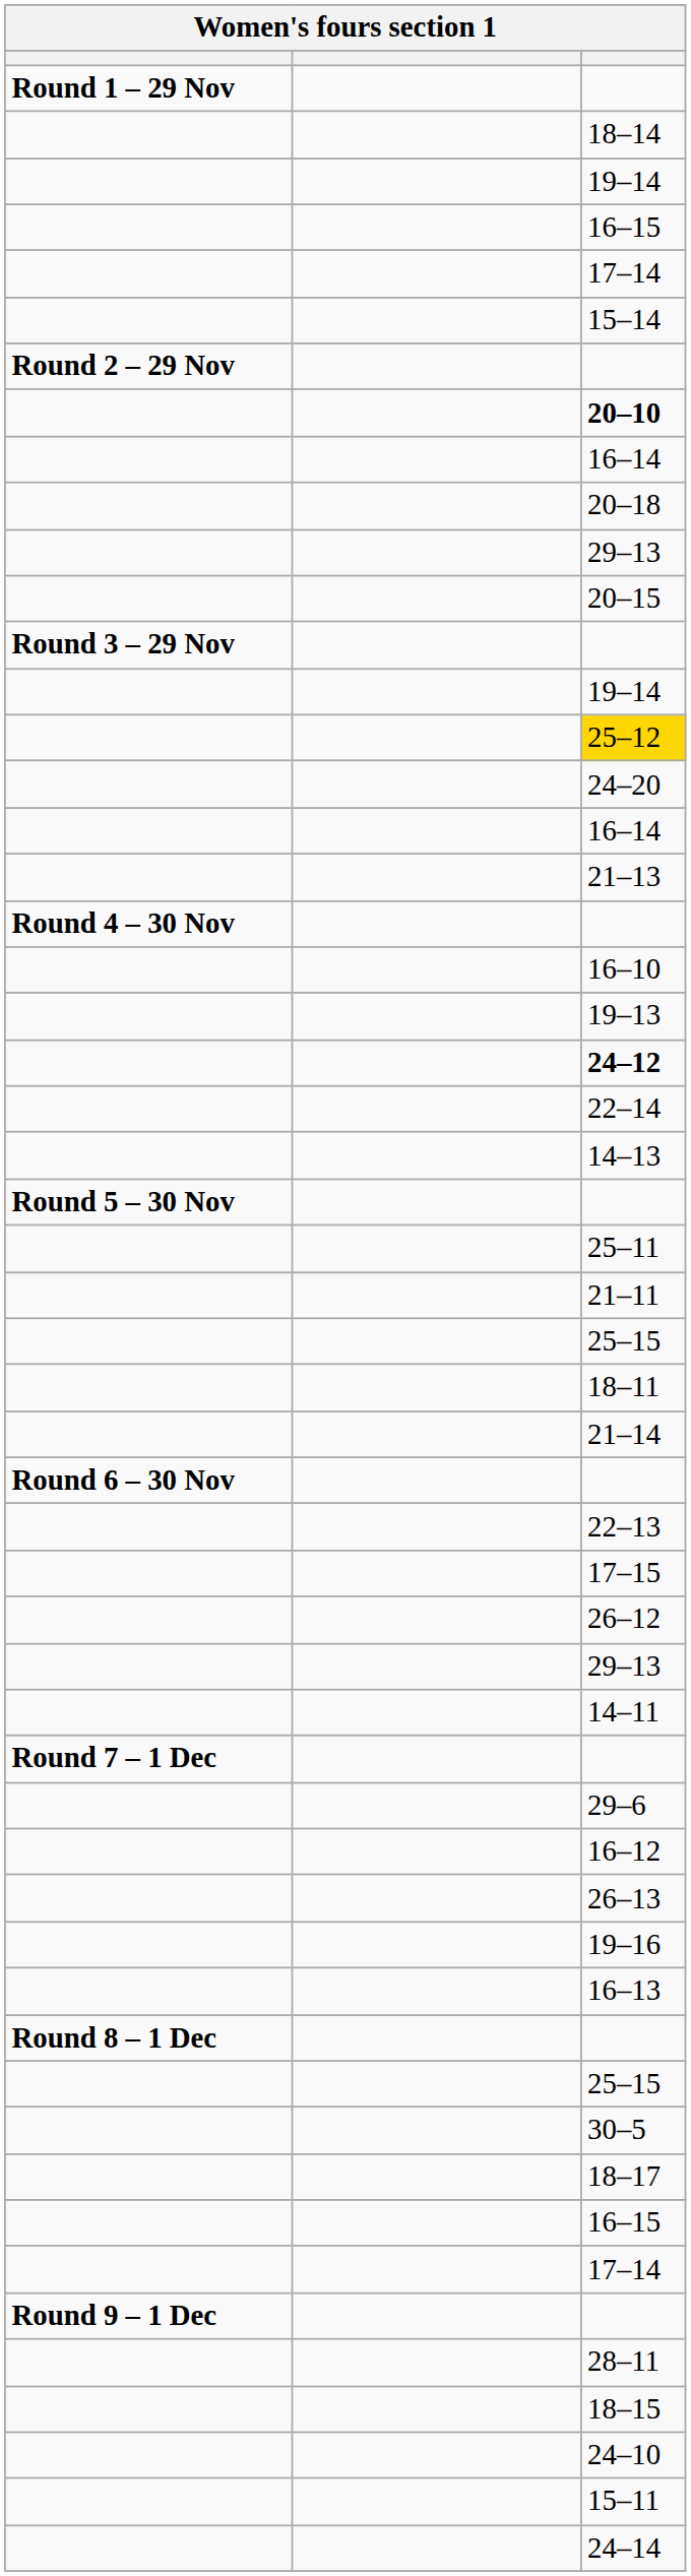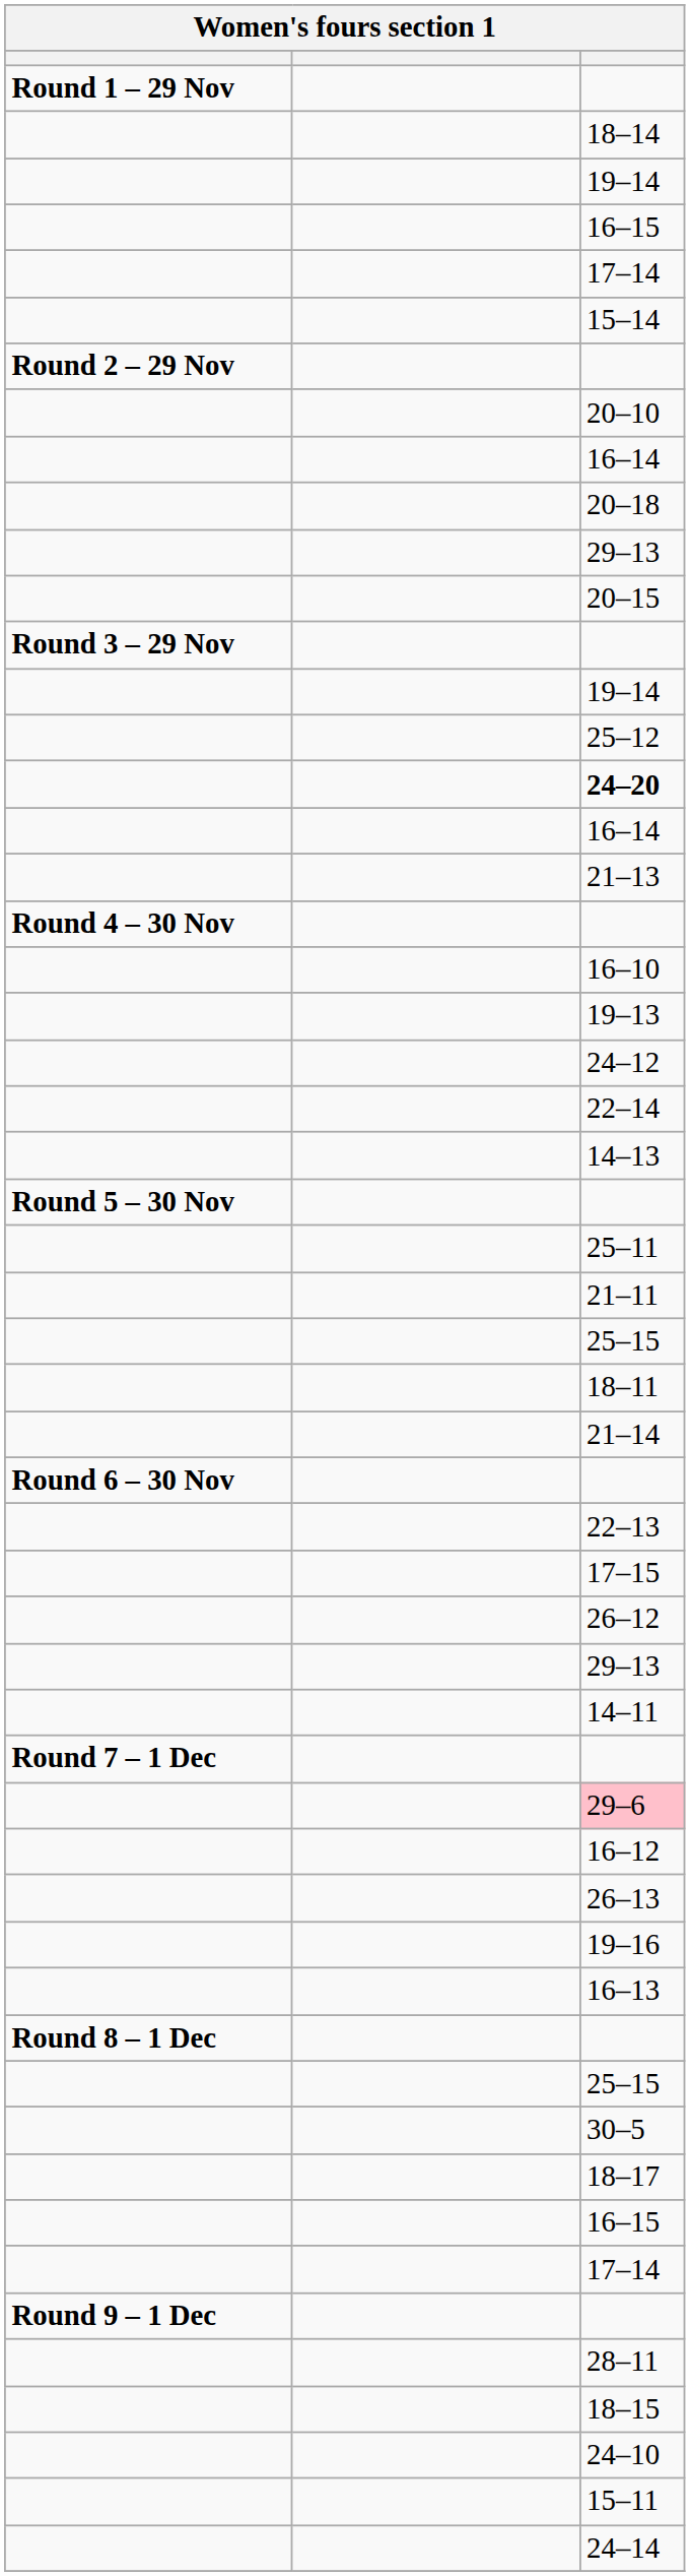 <table class="wikitable">
 <tr>
 <th colspan="3">Women's fours section 1</th>
 </tr>
 <tr>
 <th width=150></th>
 <th width=150></th>
 <th width=50></th>
 </tr>
 <tr>
 <td><strong>Round 1 – 29 Nov</strong></td>
 <td></td>
 <td></td>
 </tr>
 <tr>
 <td></td>
 <td></td>
 <td>18–14</td>
 </tr>
 <tr>
 <td></td>
 <td></td>
 <td>19–14</td>
 </tr>
 <tr>
 <td></td>
 <td></td>
 <td>16–15</td>
 </tr>
 <tr>
 <td></td>
 <td></td>
 <td>17–14</td>
 </tr>
 <tr>
 <td></td>
 <td></td>
 <td>15–14</td>
 </tr>
 <tr>
 <td><strong>Round 2 – 29 Nov</strong></td>
 <td></td>
 <td></td>
 </tr>
 <tr>
 <td></td>
 <td></td>
-<td><strong>20–10</strong></td>
+<td>20–10</td>
 </tr>
 <tr>
 <td></td>
 <td></td>
 <td>16–14</td>
 </tr>
 <tr>
 <td></td>
 <td></td>
 <td>20–18</td>
 </tr>
 <tr>
 <td></td>
 <td></td>
 <td>29–13</td>
 </tr>
 <tr>
 <td></td>
 <td></td>
 <td>20–15</td>
 </tr>
 <tr>
 <td><strong>Round 3 – 29 Nov</strong></td>
 <td></td>
 <td></td>
 </tr>
 <tr>
 <td></td>
 <td></td>
 <td>19–14</td>
 </tr>
 <tr>
 <td></td>
 <td></td>
-<td style="background: gold;">25–12</td>
+<td>25–12</td>
 </tr>
 <tr>
 <td></td>
 <td></td>
-<td>24–20</td>
+<td><strong>24–20</strong></td>
 </tr>
 <tr>
 <td></td>
 <td></td>
 <td>16–14</td>
 </tr>
 <tr>
 <td></td>
 <td></td>
 <td>21–13</td>
 </tr>
 <tr>
 <td><strong>Round 4 – 30 Nov</strong></td>
 <td></td>
 <td></td>
 </tr>
 <tr>
 <td></td>
 <td></td>
 <td>16–10</td>
 </tr>
 <tr>
 <td></td>
 <td></td>
 <td>19–13</td>
 </tr>
 <tr>
 <td></td>
 <td></td>
-<td><strong>24–12</strong></td>
+<td>24–12</td>
 </tr>
 <tr>
 <td></td>
 <td></td>
 <td>22–14</td>
 </tr>
 <tr>
 <td></td>
 <td></td>
 <td>14–13</td>
 </tr>
 <tr>
 <td><strong>Round 5 – 30 Nov</strong></td>
 <td></td>
 <td></td>
 </tr>
 <tr>
 <td></td>
 <td></td>
 <td>25–11</td>
 </tr>
 <tr>
 <td></td>
 <td></td>
 <td>21–11</td>
 </tr>
 <tr>
 <td></td>
 <td></td>
 <td>25–15</td>
 </tr>
 <tr>
 <td></td>
 <td></td>
 <td>18–11</td>
 </tr>
 <tr>
 <td></td>
 <td></td>
 <td>21–14</td>
 </tr>
 <tr>
 <td><strong>Round 6  – 30 Nov </strong></td>
 <td></td>
 <td></td>
 </tr>
 <tr>
 <td></td>
 <td></td>
 <td>22–13</td>
 </tr>
 <tr>
 <td></td>
 <td></td>
 <td>17–15</td>
 </tr>
 <tr>
 <td></td>
 <td></td>
 <td>26–12</td>
 </tr>
 <tr>
 <td></td>
 <td></td>
 <td>29–13</td>
 </tr>
 <tr>
 <td></td>
 <td></td>
 <td>14–11</td>
 </tr>
 <tr>
 <td><strong>Round 7 – 1 Dec </strong></td>
 <td></td>
 <td></td>
 </tr>
 <tr>
 <td></td>
 <td></td>
-<td>29–6</td>
+<td style="background: pink;">29–6</td>
 </tr>
 <tr>
 <td></td>
 <td></td>
 <td>16–12</td>
 </tr>
 <tr>
 <td></td>
 <td></td>
 <td>26–13</td>
 </tr>
 <tr>
 <td></td>
 <td></td>
 <td>19–16</td>
 </tr>
 <tr>
 <td></td>
 <td></td>
 <td>16–13</td>
 </tr>
 <tr>
 <td><strong>Round 8 – 1 Dec </strong></td>
 <td></td>
 <td></td>
 </tr>
 <tr>
 <td></td>
 <td></td>
 <td>25–15</td>
 </tr>
 <tr>
 <td></td>
 <td></td>
 <td>30–5</td>
 </tr>
 <tr>
 <td></td>
 <td></td>
 <td>18–17</td>
 </tr>
 <tr>
 <td></td>
 <td></td>
 <td>16–15</td>
 </tr>
 <tr>
 <td></td>
 <td></td>
 <td>17–14</td>
 </tr>
 <tr>
 <td><strong>Round 9 – 1 Dec </strong></td>
 <td></td>
 <td></td>
 </tr>
 <tr>
 <td></td>
 <td></td>
 <td>28–11</td>
 </tr>
 <tr>
 <td></td>
 <td></td>
 <td>18–15</td>
 </tr>
 <tr>
 <td></td>
 <td></td>
 <td>24–10</td>
 </tr>
 <tr>
 <td></td>
 <td></td>
 <td>15–11</td>
 </tr>
 <tr>
 <td></td>
 <td></td>
 <td>24–14</td>
 </tr>
 <tr>
 </tr>
 </table>
